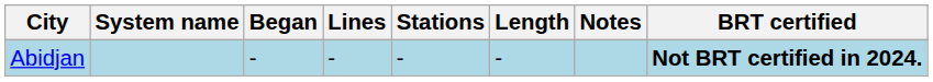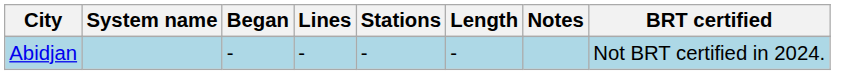 <table class="wikitable">
 <tr>
 <th>City</th>
 <th>System name</th>
 <th>Began</th>
 <th>Lines</th>
 <th>Stations</th>
 <th>Length</th>
 <th>Notes</th>
 <th>BRT certified</th>
 </tr>
 <tr>
 </tr>
 <tr style="background:lightblue;">
 <td><a href='#'>Abidjan</a></td>
 <td></td>
 <td>-</td>
 <td>-</td>
 <td>-</td>
 <td>-</td>
 <td></td>
-<td><strong>Not BRT certified in 2024.</strong></td>
+<td>Not BRT certified in 2024.</td>
 </tr>
 </table>
